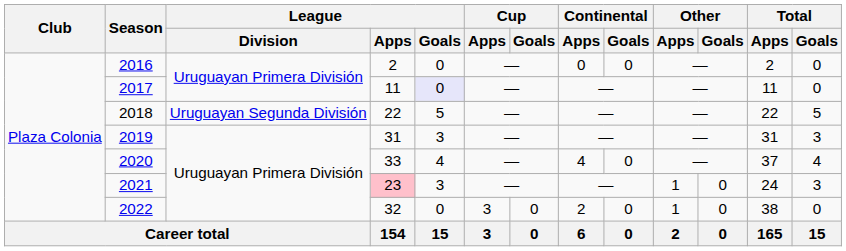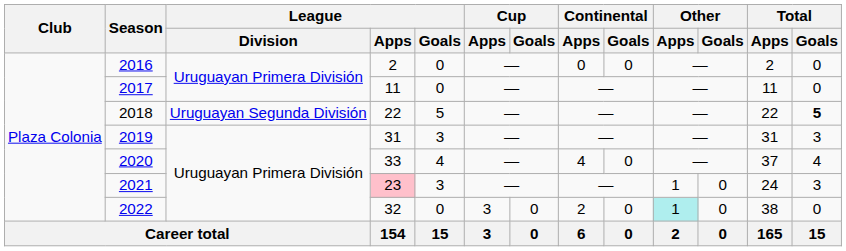 <table class="wikitable" Style="text-align: center">
 <tr>
 <th rowspan="2">Club</th>
 <th rowspan="2">Season</th>
 <th colspan="3">League</th>
 <th colspan="2">Cup</th>
 <th colspan="2">Continental</th>
 <th colspan="2">Other</th>
 <th colspan="2">Total</th>
 </tr>
 <tr>
 <th>Division</th>
 <th>Apps</th>
 <th>Goals</th>
 <th>Apps</th>
 <th>Goals</th>
 <th>Apps</th>
 <th>Goals</th>
 <th>Apps</th>
 <th>Goals</th>
 <th>Apps</th>
 <th>Goals</th>
 </tr>
 <tr>
 <td rowspan="7"><a href='#'>Plaza Colonia</a></td>
 <td><a href='#'>2016</a></td>
 <td rowspan="2"><a href='#'>Uruguayan Primera División</a></td>
 <td>2</td>
 <td>0</td>
 <td colspan="2">—</td>
 <td>0</td>
 <td>0</td>
 <td colspan="2">—</td>
 <td>2</td>
 <td>0</td>
 </tr>
 <tr>
 <td><a href='#'>2017</a></td>
 <td>11</td>
-<td style="background: lavender;">0</td>
+<td>0</td>
 <td colspan="2">—</td>
 <td colspan="2">—</td>
 <td colspan="2">—</td>
 <td>11</td>
 <td>0</td>
 </tr>
 <tr>
 <td>2018</td>
 <td><a href='#'>Uruguayan Segunda División</a></td>
 <td>22</td>
 <td>5</td>
 <td colspan="2">—</td>
 <td colspan="2">—</td>
 <td colspan="2">—</td>
 <td>22</td>
-<td>5</td>
+<td><strong>5</strong></td>
 </tr>
 <tr>
 <td><a href='#'>2019</a></td>
 <td rowspan="4">Uruguayan Primera División</td>
 <td>31</td>
 <td>3</td>
 <td colspan="2">—</td>
 <td colspan="2">—</td>
 <td colspan="2">—</td>
 <td>31</td>
 <td>3</td>
 </tr>
 <tr>
 <td><a href='#'>2020</a></td>
 <td>33</td>
 <td>4</td>
 <td colspan="2">—</td>
 <td>4</td>
 <td>0</td>
 <td colspan="2">—</td>
 <td>37</td>
 <td>4</td>
 </tr>
 <tr>
 <td><a href='#'>2021</a></td>
 <td style="background: pink;">23</td>
 <td>3</td>
 <td colspan="2">—</td>
 <td colspan="2">—</td>
 <td>1</td>
 <td>0</td>
 <td>24</td>
 <td>3</td>
 </tr>
 <tr>
 <td><a href='#'>2022</a></td>
 <td>32</td>
 <td>0</td>
 <td>3</td>
 <td>0</td>
 <td>2</td>
 <td>0</td>
-<td>1</td>
+<td style="background: paleturquoise;">1</td>
 <td>0</td>
 <td>38</td>
 <td>0</td>
 </tr>
 <tr>
 <th colspan="3">Career total</th>
 <th>154</th>
 <th>15</th>
 <th>3</th>
 <th>0</th>
 <th>6</th>
 <th>0</th>
 <th>2</th>
 <th>0</th>
 <th>165</th>
 <th>15</th>
 </tr>
 </table>
